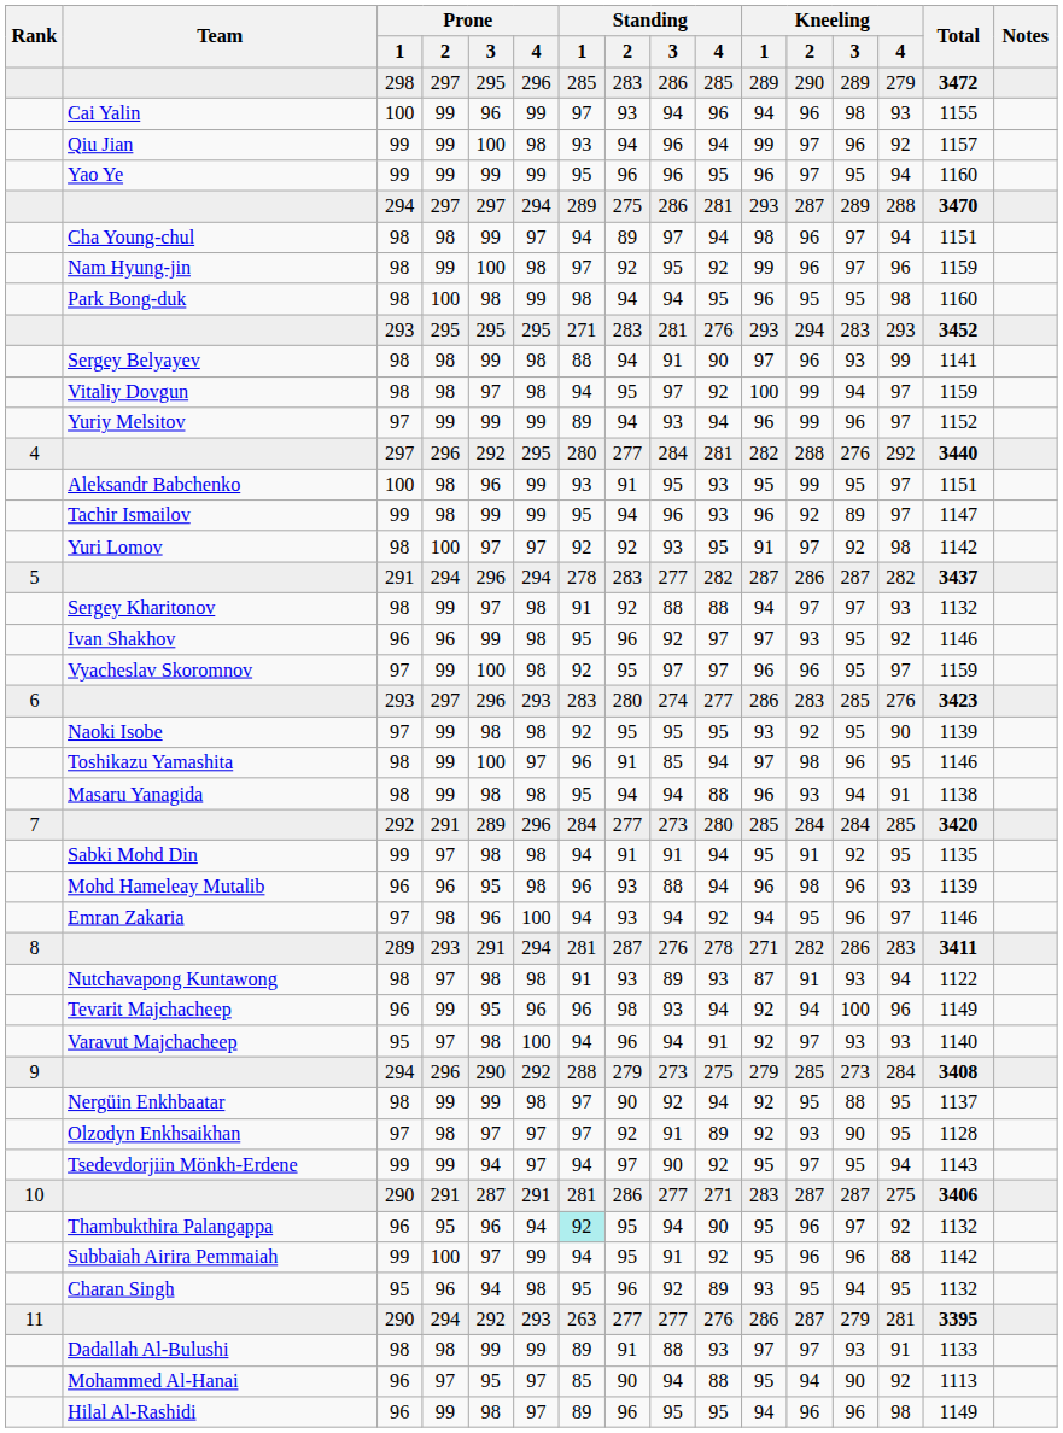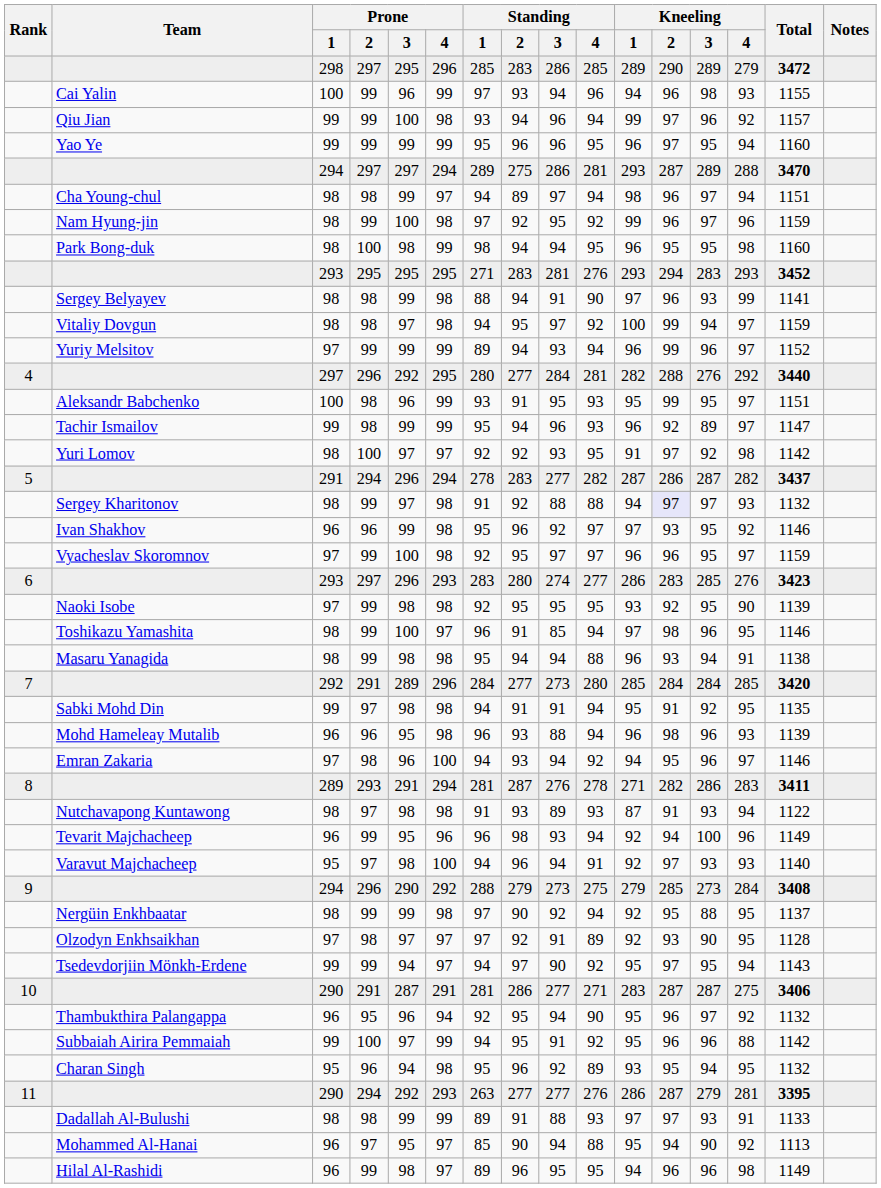 <table class="wikitable" style="text-align:center">
 <tr>
 <th rowspan=2 width=40>Rank</th>
 <th rowspan=2 width=250>Team</th>
 <th colspan=4>Prone</th>
 <th colspan=4>Standing</th>
 <th colspan=4>Kneeling</th>
 <th rowspan=2 width=50>Total</th>
 <th rowspan=2 width=45>Notes</th>
 </tr>
 <tr>
 <th width=30>1</th>
 <th width=30>2</th>
 <th width=30>3</th>
 <th width=30>4</th>
 <th width=30>1</th>
 <th width=30>2</th>
 <th width=30>3</th>
 <th width=30>4</th>
 <th width=30>1</th>
 <th width=30>2</th>
 <th width=30>3</th>
 <th width=30>4</th>
 </tr>
 <tr bgcolor=eeeeee>
 <td></td>
 <td align=left></td>
 <td>298</td>
 <td>297</td>
 <td>295</td>
 <td>296</td>
 <td>285</td>
 <td>283</td>
 <td>286</td>
 <td>285</td>
 <td>289</td>
 <td>290</td>
 <td>289</td>
 <td>279</td>
 <td><strong>3472</strong></td>
 <td></td>
 </tr>
 <tr>
 <td></td>
 <td align=left><a href='#'>Cai Yalin</a></td>
 <td>100</td>
 <td>99</td>
 <td>96</td>
 <td>99</td>
 <td>97</td>
 <td>93</td>
 <td>94</td>
 <td>96</td>
 <td>94</td>
 <td>96</td>
 <td>98</td>
 <td>93</td>
 <td>1155</td>
 <td></td>
 </tr>
 <tr>
 <td></td>
 <td align=left><a href='#'>Qiu Jian</a></td>
 <td>99</td>
 <td>99</td>
 <td>100</td>
 <td>98</td>
 <td>93</td>
 <td>94</td>
 <td>96</td>
 <td>94</td>
 <td>99</td>
 <td>97</td>
 <td>96</td>
 <td>92</td>
 <td>1157</td>
 <td></td>
 </tr>
 <tr>
 <td></td>
 <td align=left><a href='#'>Yao Ye</a></td>
 <td>99</td>
 <td>99</td>
 <td>99</td>
 <td>99</td>
 <td>95</td>
 <td>96</td>
 <td>96</td>
 <td>95</td>
 <td>96</td>
 <td>97</td>
 <td>95</td>
 <td>94</td>
 <td>1160</td>
 <td></td>
 </tr>
 <tr bgcolor=eeeeee>
 <td></td>
 <td align=left></td>
 <td>294</td>
 <td>297</td>
 <td>297</td>
 <td>294</td>
 <td>289</td>
 <td>275</td>
 <td>286</td>
 <td>281</td>
 <td>293</td>
 <td>287</td>
 <td>289</td>
 <td>288</td>
 <td><strong>3470</strong></td>
 <td></td>
 </tr>
 <tr>
 <td></td>
 <td align=left><a href='#'>Cha Young-chul</a></td>
 <td>98</td>
 <td>98</td>
 <td>99</td>
 <td>97</td>
 <td>94</td>
 <td>89</td>
 <td>97</td>
 <td>94</td>
 <td>98</td>
 <td>96</td>
 <td>97</td>
 <td>94</td>
 <td>1151</td>
 <td></td>
 </tr>
 <tr>
 <td></td>
 <td align=left><a href='#'>Nam Hyung-jin</a></td>
 <td>98</td>
 <td>99</td>
 <td>100</td>
 <td>98</td>
 <td>97</td>
 <td>92</td>
 <td>95</td>
 <td>92</td>
 <td>99</td>
 <td>96</td>
 <td>97</td>
 <td>96</td>
 <td>1159</td>
 <td></td>
 </tr>
 <tr>
 <td></td>
 <td align=left><a href='#'>Park Bong-duk</a></td>
 <td>98</td>
 <td>100</td>
 <td>98</td>
 <td>99</td>
 <td>98</td>
 <td>94</td>
 <td>94</td>
 <td>95</td>
 <td>96</td>
 <td>95</td>
 <td>95</td>
 <td>98</td>
 <td>1160</td>
 <td></td>
 </tr>
 <tr bgcolor=eeeeee>
 <td></td>
 <td align=left></td>
 <td>293</td>
 <td>295</td>
 <td>295</td>
 <td>295</td>
 <td>271</td>
 <td>283</td>
 <td>281</td>
 <td>276</td>
 <td>293</td>
 <td>294</td>
 <td>283</td>
 <td>293</td>
 <td><strong>3452</strong></td>
 <td></td>
 </tr>
 <tr>
 <td></td>
 <td align=left><a href='#'>Sergey Belyayev</a></td>
 <td>98</td>
 <td>98</td>
 <td>99</td>
 <td>98</td>
 <td>88</td>
 <td>94</td>
 <td>91</td>
 <td>90</td>
 <td>97</td>
 <td>96</td>
 <td>93</td>
 <td>99</td>
 <td>1141</td>
 <td></td>
 </tr>
 <tr>
 <td></td>
 <td align=left><a href='#'>Vitaliy Dovgun</a></td>
 <td>98</td>
 <td>98</td>
 <td>97</td>
 <td>98</td>
 <td>94</td>
 <td>95</td>
 <td>97</td>
 <td>92</td>
 <td>100</td>
 <td>99</td>
 <td>94</td>
 <td>97</td>
 <td>1159</td>
 <td></td>
 </tr>
 <tr>
 <td></td>
 <td align=left><a href='#'>Yuriy Melsitov</a></td>
 <td>97</td>
 <td>99</td>
 <td>99</td>
 <td>99</td>
 <td>89</td>
 <td>94</td>
 <td>93</td>
 <td>94</td>
 <td>96</td>
 <td>99</td>
 <td>96</td>
 <td>97</td>
 <td>1152</td>
 <td></td>
 </tr>
 <tr bgcolor=eeeeee>
 <td>4</td>
 <td align=left></td>
 <td>297</td>
 <td>296</td>
 <td>292</td>
 <td>295</td>
 <td>280</td>
 <td>277</td>
 <td>284</td>
 <td>281</td>
 <td>282</td>
 <td>288</td>
 <td>276</td>
 <td>292</td>
 <td><strong>3440</strong></td>
 <td></td>
 </tr>
 <tr>
 <td></td>
 <td align=left><a href='#'>Aleksandr Babchenko</a></td>
 <td>100</td>
 <td>98</td>
 <td>96</td>
 <td>99</td>
 <td>93</td>
 <td>91</td>
 <td>95</td>
 <td>93</td>
 <td>95</td>
 <td>99</td>
 <td>95</td>
 <td>97</td>
 <td>1151</td>
 <td></td>
 </tr>
 <tr>
 <td></td>
 <td align=left><a href='#'>Tachir Ismailov</a></td>
 <td>99</td>
 <td>98</td>
 <td>99</td>
 <td>99</td>
 <td>95</td>
 <td>94</td>
 <td>96</td>
 <td>93</td>
 <td>96</td>
 <td>92</td>
 <td>89</td>
 <td>97</td>
 <td>1147</td>
 <td></td>
 </tr>
 <tr>
 <td></td>
 <td align=left><a href='#'>Yuri Lomov</a></td>
 <td>98</td>
 <td>100</td>
 <td>97</td>
 <td>97</td>
 <td>92</td>
 <td>92</td>
 <td>93</td>
 <td>95</td>
 <td>91</td>
 <td>97</td>
 <td>92</td>
 <td>98</td>
 <td>1142</td>
 <td></td>
 </tr>
 <tr bgcolor=eeeeee>
 <td>5</td>
 <td align=left></td>
 <td>291</td>
 <td>294</td>
 <td>296</td>
 <td>294</td>
 <td>278</td>
 <td>283</td>
 <td>277</td>
 <td>282</td>
 <td>287</td>
 <td>286</td>
 <td>287</td>
 <td>282</td>
 <td><strong>3437</strong></td>
 <td></td>
 </tr>
 <tr>
 <td></td>
 <td align=left><a href='#'>Sergey Kharitonov</a></td>
 <td>98</td>
 <td>99</td>
 <td>97</td>
 <td>98</td>
 <td>91</td>
 <td>92</td>
 <td>88</td>
 <td>88</td>
 <td>94</td>
-<td>97</td>
+<td style="background: lavender;">97</td>
 <td>97</td>
 <td>93</td>
 <td>1132</td>
 <td></td>
 </tr>
 <tr>
 <td></td>
 <td align=left><a href='#'>Ivan Shakhov</a></td>
 <td>96</td>
 <td>96</td>
 <td>99</td>
 <td>98</td>
 <td>95</td>
 <td>96</td>
 <td>92</td>
 <td>97</td>
 <td>97</td>
 <td>93</td>
 <td>95</td>
 <td>92</td>
 <td>1146</td>
 <td></td>
 </tr>
 <tr>
 <td></td>
 <td align=left><a href='#'>Vyacheslav Skoromnov</a></td>
 <td>97</td>
 <td>99</td>
 <td>100</td>
 <td>98</td>
 <td>92</td>
 <td>95</td>
 <td>97</td>
 <td>97</td>
 <td>96</td>
 <td>96</td>
 <td>95</td>
 <td>97</td>
 <td>1159</td>
 <td></td>
 </tr>
 <tr bgcolor=eeeeee>
 <td>6</td>
 <td align=left></td>
 <td>293</td>
 <td>297</td>
 <td>296</td>
 <td>293</td>
 <td>283</td>
 <td>280</td>
 <td>274</td>
 <td>277</td>
 <td>286</td>
 <td>283</td>
 <td>285</td>
 <td>276</td>
 <td><strong>3423</strong></td>
 <td></td>
 </tr>
 <tr>
 <td></td>
 <td align=left><a href='#'>Naoki Isobe</a></td>
 <td>97</td>
 <td>99</td>
 <td>98</td>
 <td>98</td>
 <td>92</td>
 <td>95</td>
 <td>95</td>
 <td>95</td>
 <td>93</td>
 <td>92</td>
 <td>95</td>
 <td>90</td>
 <td>1139</td>
 <td></td>
 </tr>
 <tr>
 <td></td>
 <td align=left><a href='#'>Toshikazu Yamashita</a></td>
 <td>98</td>
 <td>99</td>
 <td>100</td>
 <td>97</td>
 <td>96</td>
 <td>91</td>
 <td>85</td>
 <td>94</td>
 <td>97</td>
 <td>98</td>
 <td>96</td>
 <td>95</td>
 <td>1146</td>
 <td></td>
 </tr>
 <tr>
 <td></td>
 <td align=left><a href='#'>Masaru Yanagida</a></td>
 <td>98</td>
 <td>99</td>
 <td>98</td>
 <td>98</td>
 <td>95</td>
 <td>94</td>
 <td>94</td>
 <td>88</td>
 <td>96</td>
 <td>93</td>
 <td>94</td>
 <td>91</td>
 <td>1138</td>
 <td></td>
 </tr>
 <tr bgcolor=eeeeee>
 <td>7</td>
 <td align=left></td>
 <td>292</td>
 <td>291</td>
 <td>289</td>
 <td>296</td>
 <td>284</td>
 <td>277</td>
 <td>273</td>
 <td>280</td>
 <td>285</td>
 <td>284</td>
 <td>284</td>
 <td>285</td>
 <td><strong>3420</strong></td>
 <td></td>
 </tr>
 <tr>
 <td></td>
 <td align=left><a href='#'>Sabki Mohd Din</a></td>
 <td>99</td>
 <td>97</td>
 <td>98</td>
 <td>98</td>
 <td>94</td>
 <td>91</td>
 <td>91</td>
 <td>94</td>
 <td>95</td>
 <td>91</td>
 <td>92</td>
 <td>95</td>
 <td>1135</td>
 <td></td>
 </tr>
 <tr>
 <td></td>
 <td align=left><a href='#'>Mohd Hameleay Mutalib</a></td>
 <td>96</td>
 <td>96</td>
 <td>95</td>
 <td>98</td>
 <td>96</td>
 <td>93</td>
 <td>88</td>
 <td>94</td>
 <td>96</td>
 <td>98</td>
 <td>96</td>
 <td>93</td>
 <td>1139</td>
 <td></td>
 </tr>
 <tr>
 <td></td>
 <td align=left><a href='#'>Emran Zakaria</a></td>
 <td>97</td>
 <td>98</td>
 <td>96</td>
 <td>100</td>
 <td>94</td>
 <td>93</td>
 <td>94</td>
 <td>92</td>
 <td>94</td>
 <td>95</td>
 <td>96</td>
 <td>97</td>
 <td>1146</td>
 <td></td>
 </tr>
 <tr bgcolor=eeeeee>
 <td>8</td>
 <td align=left></td>
 <td>289</td>
 <td>293</td>
 <td>291</td>
 <td>294</td>
 <td>281</td>
 <td>287</td>
 <td>276</td>
 <td>278</td>
 <td>271</td>
 <td>282</td>
 <td>286</td>
 <td>283</td>
 <td><strong>3411</strong></td>
 <td></td>
 </tr>
 <tr>
 <td></td>
 <td align=left><a href='#'>Nutchavapong Kuntawong</a></td>
 <td>98</td>
 <td>97</td>
 <td>98</td>
 <td>98</td>
 <td>91</td>
 <td>93</td>
 <td>89</td>
 <td>93</td>
 <td>87</td>
 <td>91</td>
 <td>93</td>
 <td>94</td>
 <td>1122</td>
 <td></td>
 </tr>
 <tr>
 <td></td>
 <td align=left><a href='#'>Tevarit Majchacheep</a></td>
 <td>96</td>
 <td>99</td>
 <td>95</td>
 <td>96</td>
 <td>96</td>
 <td>98</td>
 <td>93</td>
 <td>94</td>
 <td>92</td>
 <td>94</td>
 <td>100</td>
 <td>96</td>
 <td>1149</td>
 <td></td>
 </tr>
 <tr>
 <td></td>
 <td align=left><a href='#'>Varavut Majchacheep</a></td>
 <td>95</td>
 <td>97</td>
 <td>98</td>
 <td>100</td>
 <td>94</td>
 <td>96</td>
 <td>94</td>
 <td>91</td>
 <td>92</td>
 <td>97</td>
 <td>93</td>
 <td>93</td>
 <td>1140</td>
 <td></td>
 </tr>
 <tr bgcolor=eeeeee>
 <td>9</td>
 <td align=left></td>
 <td>294</td>
 <td>296</td>
 <td>290</td>
 <td>292</td>
 <td>288</td>
 <td>279</td>
 <td>273</td>
 <td>275</td>
 <td>279</td>
 <td>285</td>
 <td>273</td>
 <td>284</td>
 <td><strong>3408</strong></td>
 <td></td>
 </tr>
 <tr>
 <td></td>
 <td align=left><a href='#'>Nergüin Enkhbaatar</a></td>
 <td>98</td>
 <td>99</td>
 <td>99</td>
 <td>98</td>
 <td>97</td>
 <td>90</td>
 <td>92</td>
 <td>94</td>
 <td>92</td>
 <td>95</td>
 <td>88</td>
 <td>95</td>
 <td>1137</td>
 <td></td>
 </tr>
 <tr>
 <td></td>
 <td align=left><a href='#'>Olzodyn Enkhsaikhan</a></td>
 <td>97</td>
 <td>98</td>
 <td>97</td>
 <td>97</td>
 <td>97</td>
 <td>92</td>
 <td>91</td>
 <td>89</td>
 <td>92</td>
 <td>93</td>
 <td>90</td>
 <td>95</td>
 <td>1128</td>
 <td></td>
 </tr>
 <tr>
 <td></td>
 <td align=left><a href='#'>Tsedevdorjiin Mönkh-Erdene</a></td>
 <td>99</td>
 <td>99</td>
 <td>94</td>
 <td>97</td>
 <td>94</td>
 <td>97</td>
 <td>90</td>
 <td>92</td>
 <td>95</td>
 <td>97</td>
 <td>95</td>
 <td>94</td>
 <td>1143</td>
 <td></td>
 </tr>
 <tr bgcolor=eeeeee>
 <td>10</td>
 <td align=left></td>
 <td>290</td>
 <td>291</td>
 <td>287</td>
 <td>291</td>
 <td>281</td>
 <td>286</td>
 <td>277</td>
 <td>271</td>
 <td>283</td>
 <td>287</td>
 <td>287</td>
 <td>275</td>
 <td><strong>3406</strong></td>
 <td></td>
 </tr>
 <tr>
 <td></td>
 <td align=left><a href='#'>Thambukthira Palangappa</a></td>
 <td>96</td>
 <td>95</td>
 <td>96</td>
 <td>94</td>
-<td style="background: paleturquoise;">92</td>
+<td>92</td>
 <td>95</td>
 <td>94</td>
 <td>90</td>
 <td>95</td>
 <td>96</td>
 <td>97</td>
 <td>92</td>
 <td>1132</td>
 <td></td>
 </tr>
 <tr>
 <td></td>
 <td align=left><a href='#'>Subbaiah Airira Pemmaiah</a></td>
 <td>99</td>
 <td>100</td>
 <td>97</td>
 <td>99</td>
 <td>94</td>
 <td>95</td>
 <td>91</td>
 <td>92</td>
 <td>95</td>
 <td>96</td>
 <td>96</td>
 <td>88</td>
 <td>1142</td>
 <td></td>
 </tr>
 <tr>
 <td></td>
 <td align=left><a href='#'>Charan Singh</a></td>
 <td>95</td>
 <td>96</td>
 <td>94</td>
 <td>98</td>
 <td>95</td>
 <td>96</td>
 <td>92</td>
 <td>89</td>
 <td>93</td>
 <td>95</td>
 <td>94</td>
 <td>95</td>
 <td>1132</td>
 <td></td>
 </tr>
 <tr bgcolor=eeeeee>
 <td>11</td>
 <td align=left></td>
 <td>290</td>
 <td>294</td>
 <td>292</td>
 <td>293</td>
 <td>263</td>
 <td>277</td>
 <td>277</td>
 <td>276</td>
 <td>286</td>
 <td>287</td>
 <td>279</td>
 <td>281</td>
 <td><strong>3395</strong></td>
 <td></td>
 </tr>
 <tr>
 <td></td>
 <td align=left><a href='#'>Dadallah Al-Bulushi</a></td>
 <td>98</td>
 <td>98</td>
 <td>99</td>
 <td>99</td>
 <td>89</td>
 <td>91</td>
 <td>88</td>
 <td>93</td>
 <td>97</td>
 <td>97</td>
 <td>93</td>
 <td>91</td>
 <td>1133</td>
 <td></td>
 </tr>
 <tr>
 <td></td>
 <td align=left><a href='#'>Mohammed Al-Hanai</a></td>
 <td>96</td>
 <td>97</td>
 <td>95</td>
 <td>97</td>
 <td>85</td>
 <td>90</td>
 <td>94</td>
 <td>88</td>
 <td>95</td>
 <td>94</td>
 <td>90</td>
 <td>92</td>
 <td>1113</td>
 <td></td>
 </tr>
 <tr>
 <td></td>
 <td align=left><a href='#'>Hilal Al-Rashidi</a></td>
 <td>96</td>
 <td>99</td>
 <td>98</td>
 <td>97</td>
 <td>89</td>
 <td>96</td>
 <td>95</td>
 <td>95</td>
 <td>94</td>
 <td>96</td>
 <td>96</td>
 <td>98</td>
 <td>1149</td>
 <td></td>
 </tr>
 </table>
